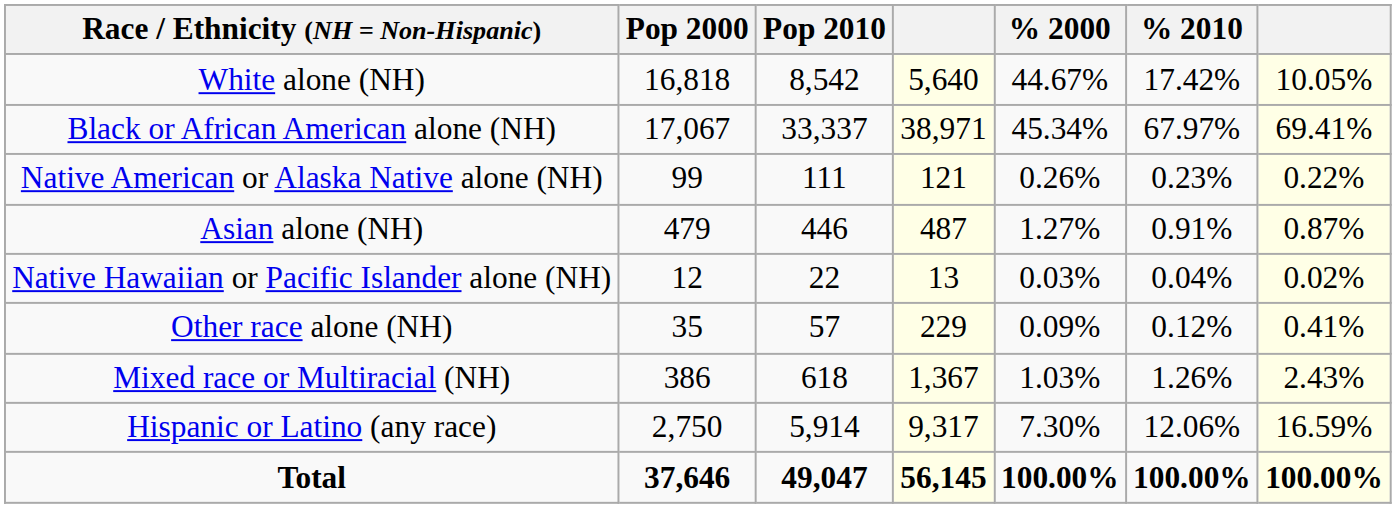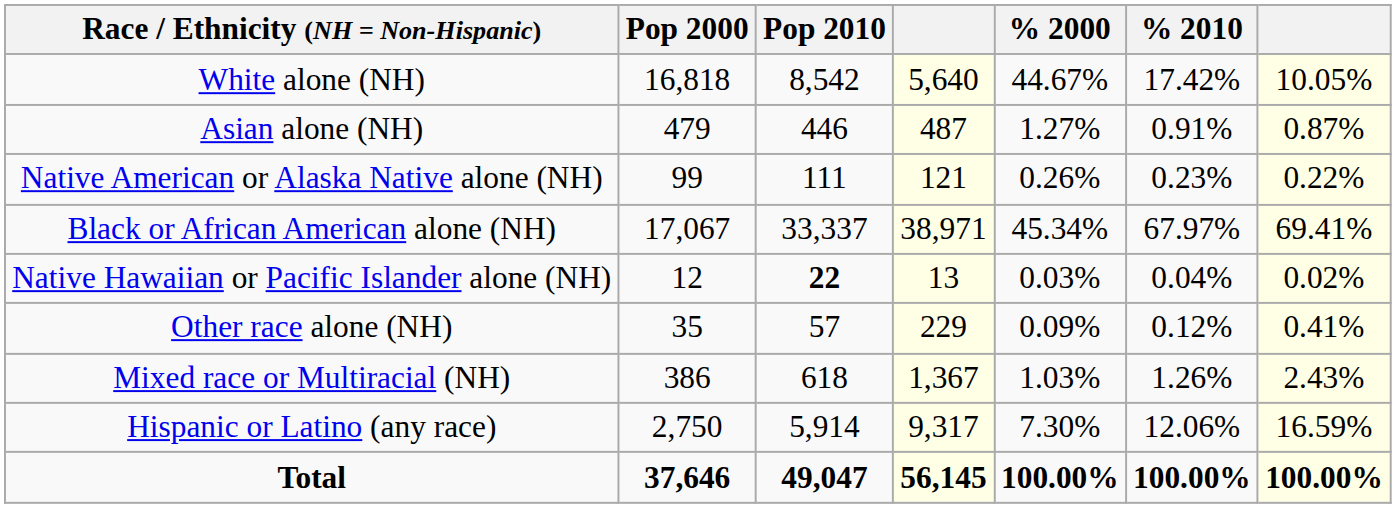 <table class="wikitable" style="text-align:center;">
 <tr>
 <th>Race / Ethnicity <small>(<em>NH = Non-Hispanic</em>)</small></th>
 <th>Pop 2000</th>
 <th>Pop 2010</th>
 <th></th>
 <th>% 2000</th>
 <th>% 2010</th>
 <th></th>
 </tr>
 <tr>
 <td><a href='#'>White</a> alone (NH)</td>
 <td>16,818</td>
 <td>8,542</td>
 <td style='background: #ffffe6;'>5,640</td>
 <td>44.67%</td>
 <td>17.42%</td>
 <td style='background: #ffffe6;'>10.05%</td>
 </tr>
 <tr>
-<td><a href='#'>Black or African American</a> alone (NH)</td>
-<td>17,067</td>
-<td>33,337</td>
-<td style='background: #ffffe6;'>38,971</td>
-<td>45.34%</td>
-<td>67.97%</td>
-<td style='background: #ffffe6;'>69.41%</td>
+<td><a href='#'>Asian</a> alone (NH)</td>
+<td>479</td>
+<td>446</td>
+<td style='background: #ffffe6;'>487</td>
+<td>1.27%</td>
+<td>0.91%</td>
+<td style='background: #ffffe6;'>0.87%</td>
 </tr>
 <tr>
 <td><a href='#'>Native American</a> or <a href='#'>Alaska Native</a> alone (NH)</td>
 <td>99</td>
 <td>111</td>
 <td style='background: #ffffe6;'>121</td>
 <td>0.26%</td>
 <td>0.23%</td>
 <td style='background: #ffffe6;'>0.22%</td>
 </tr>
 <tr>
-<td><a href='#'>Asian</a> alone (NH)</td>
-<td>479</td>
-<td>446</td>
-<td style='background: #ffffe6;'>487</td>
-<td>1.27%</td>
-<td>0.91%</td>
-<td style='background: #ffffe6;'>0.87%</td>
+<td><a href='#'>Black or African American</a> alone (NH)</td>
+<td>17,067</td>
+<td>33,337</td>
+<td style='background: #ffffe6;'>38,971</td>
+<td>45.34%</td>
+<td>67.97%</td>
+<td style='background: #ffffe6;'>69.41%</td>
 </tr>
 <tr>
 <td><a href='#'>Native Hawaiian</a> or <a href='#'>Pacific Islander</a> alone (NH)</td>
 <td>12</td>
-<td>22</td>
+<td><strong>22</strong></td>
 <td style='background: #ffffe6;'>13</td>
 <td>0.03%</td>
 <td>0.04%</td>
 <td style='background: #ffffe6;'>0.02%</td>
 </tr>
 <tr>
 <td><a href='#'>Other race</a> alone (NH)</td>
 <td>35</td>
 <td>57</td>
 <td style='background: #ffffe6;'>229</td>
 <td>0.09%</td>
 <td>0.12%</td>
 <td style='background: #ffffe6;'>0.41%</td>
 </tr>
 <tr>
 <td><a href='#'>Mixed race or Multiracial</a> (NH)</td>
 <td>386</td>
 <td>618</td>
 <td style='background: #ffffe6;'>1,367</td>
 <td>1.03%</td>
 <td>1.26%</td>
 <td style='background: #ffffe6;'>2.43%</td>
 </tr>
 <tr>
 <td><a href='#'>Hispanic or Latino</a> (any race)</td>
 <td>2,750</td>
 <td>5,914</td>
 <td style='background: #ffffe6;'>9,317</td>
 <td>7.30%</td>
 <td>12.06%</td>
 <td style='background: #ffffe6;'>16.59%</td>
 </tr>
 <tr>
 <td><strong>Total</strong></td>
 <td><strong>37,646</strong></td>
 <td><strong>49,047</strong></td>
 <td style='background: #ffffe6;'><strong>56,145</strong></td>
 <td><strong>100.00%</strong></td>
 <td><strong>100.00%</strong></td>
 <td style='background: #ffffe6;'><strong>100.00%</strong></td>
 </tr>
 </table>
